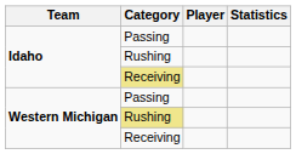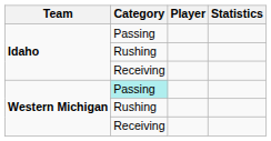 <table class="wikitable" style="float: right;">
 <tr>
 <th>Team</th>
 <th>Category</th>
 <th>Player</th>
 <th>Statistics</th>
 </tr>
 <tr>
 <td rowspan=3><strong>Idaho</strong></td>
 <td>Passing</td>
 <td></td>
 <td></td>
 </tr>
 <tr>
 <td>Rushing</td>
 <td></td>
 <td></td>
 </tr>
 <tr>
-<td style="background: khaki;">Receiving</td>
+<td>Receiving</td>
 <td></td>
 <td></td>
 </tr>
 <tr>
 <td rowspan=3><strong>Western Michigan</strong></td>
-<td>Passing</td>
+<td style="background: paleturquoise;">Passing</td>
 <td></td>
 <td></td>
 </tr>
 <tr>
-<td style="background: khaki;">Rushing</td>
+<td>Rushing</td>
 <td></td>
 <td></td>
 </tr>
 <tr>
 <td>Receiving</td>
 <td></td>
 <td></td>
 </tr>
 </table>
